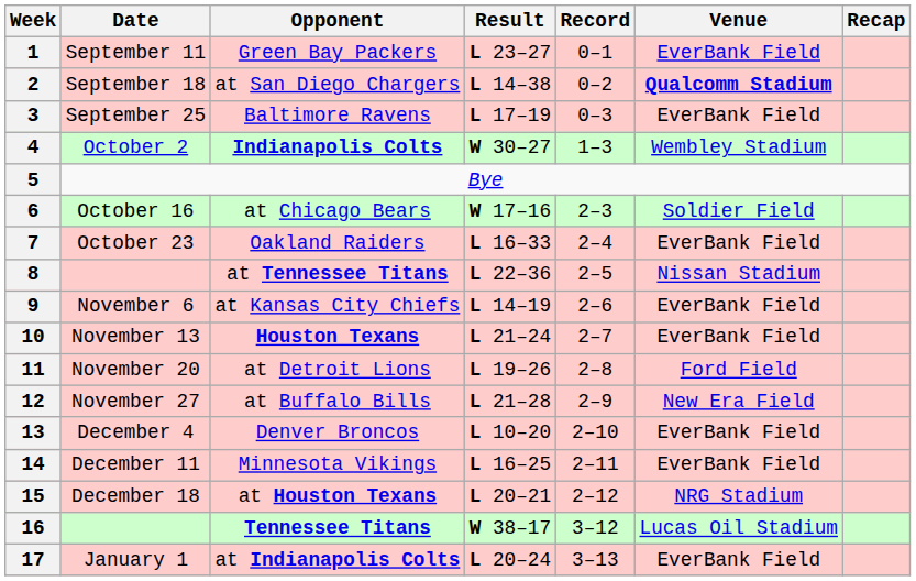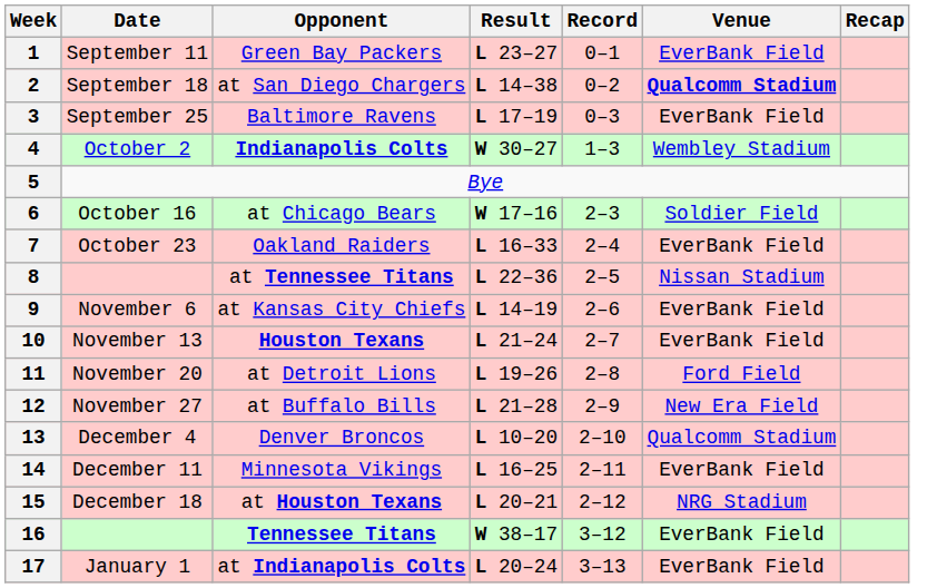 <table class="wikitable" style="text-align:center">
 <tr>
 <th>Week</th>
 <th>Date</th>
 <th>Opponent</th>
 <th>Result</th>
 <th>Record</th>
 <th>Venue</th>
 <th>Recap</th>
 </tr>
 <tr style="background:#fcc">
 <th>1</th>
 <td>September 11</td>
 <td><a href='#'>Green Bay Packers</a></td>
 <td><strong>L</strong> 23–27</td>
 <td>0–1</td>
 <td><a href='#'>EverBank Field</a></td>
 <td></td>
 </tr>
 <tr style="background:#fcc">
 <th>2</th>
 <td>September 18</td>
 <td>at <a href='#'>San Diego Chargers</a></td>
 <td><strong>L</strong> 14–38</td>
 <td>0–2</td>
 <td><strong><a href='#'>Qualcomm Stadium</a></strong></td>
 <td></td>
 </tr>
 <tr style="background:#fcc">
 <th>3</th>
 <td>September 25</td>
 <td><a href='#'>Baltimore Ravens</a></td>
 <td><strong>L</strong> 17–19</td>
 <td>0–3</td>
 <td>EverBank Field</td>
 <td></td>
 </tr>
 <tr style="background:#cfc">
 <th>4</th>
 <td><a href='#'>October 2</a></td>
 <td><strong><a href='#'>Indianapolis Colts</a></strong></td>
 <td><strong>W</strong> 30–27</td>
 <td>1–3</td>
 <td> <a href='#'>Wembley Stadium</a> </td>
 <td></td>
 </tr>
 <tr>
 <th>5</th>
 <td colspan=6><em><a href='#'>Bye</a></em></td>
 </tr>
 <tr style="background:#cfc">
 <th>6</th>
 <td>October 16</td>
 <td>at <a href='#'>Chicago Bears</a></td>
 <td><strong>W</strong> 17–16</td>
 <td>2–3</td>
 <td><a href='#'>Soldier Field</a></td>
 <td></td>
 </tr>
 <tr style="background:#fcc">
 <th>7</th>
 <td>October 23</td>
 <td><a href='#'>Oakland Raiders</a></td>
 <td><strong>L</strong> 16–33</td>
 <td>2–4</td>
 <td>EverBank Field</td>
 <td></td>
 </tr>
 <tr style="background:#fcc">
 <th>8</th>
 <td></td>
 <td>at <strong><a href='#'>Tennessee Titans</a></strong></td>
 <td><strong>L</strong> 22–36</td>
 <td>2–5</td>
 <td><a href='#'>Nissan Stadium</a></td>
 <td></td>
 </tr>
 <tr style="background:#fcc">
 <th>9</th>
 <td>November 6</td>
 <td>at <a href='#'>Kansas City Chiefs</a></td>
 <td><strong>L</strong> 14–19</td>
 <td>2–6</td>
 <td>EverBank Field</td>
 <td></td>
 </tr>
 <tr style="background:#fcc">
 <th>10</th>
 <td>November 13</td>
 <td><strong><a href='#'>Houston Texans</a></strong></td>
 <td><strong>L</strong> 21–24</td>
 <td>2–7</td>
 <td>EverBank Field</td>
 <td></td>
 </tr>
 <tr style="background:#fcc">
 <th>11</th>
 <td>November 20</td>
 <td>at <a href='#'>Detroit Lions</a></td>
 <td><strong>L</strong> 19–26</td>
 <td>2–8</td>
 <td><a href='#'>Ford Field</a></td>
 <td></td>
 </tr>
 <tr style="background:#fcc">
 <th>12</th>
 <td>November 27</td>
 <td>at <a href='#'>Buffalo Bills</a></td>
 <td><strong>L</strong> 21–28</td>
 <td>2–9</td>
 <td><a href='#'>New Era Field</a></td>
 <td></td>
 </tr>
 <tr style="background:#fcc">
 <th>13</th>
 <td>December 4</td>
 <td><a href='#'>Denver Broncos</a></td>
 <td><strong>L</strong> 10–20</td>
 <td>2–10</td>
-<td>EverBank Field</td>
+<td><a href='#'>Qualcomm Stadium</a></td>
 <td></td>
 </tr>
 <tr style="background:#fcc">
 <th>14</th>
 <td>December 11</td>
 <td><a href='#'>Minnesota Vikings</a></td>
 <td><strong>L</strong> 16–25</td>
 <td>2–11</td>
 <td>EverBank Field</td>
 <td></td>
 </tr>
 <tr style="background:#fcc">
 <th>15</th>
 <td>December 18</td>
 <td>at <strong><a href='#'>Houston Texans</a></strong></td>
 <td><strong>L</strong> 20–21</td>
 <td>2–12</td>
 <td><a href='#'>NRG Stadium</a></td>
 <td></td>
 </tr>
 <tr style="background:#cfc">
 <th>16</th>
 <td></td>
 <td><strong><a href='#'>Tennessee Titans</a></strong></td>
 <td><strong>W</strong> 38–17</td>
 <td>3–12</td>
-<td><a href='#'>Lucas Oil Stadium</a></td>
+<td>EverBank Field</td>
 <td></td>
 </tr>
 <tr style="background:#fcc">
 <th>17</th>
 <td>January 1</td>
 <td>at <strong><a href='#'>Indianapolis Colts</a></strong></td>
 <td><strong>L</strong> 20–24</td>
 <td>3–13</td>
 <td>EverBank Field</td>
 <td></td>
 </tr>
 </table>
